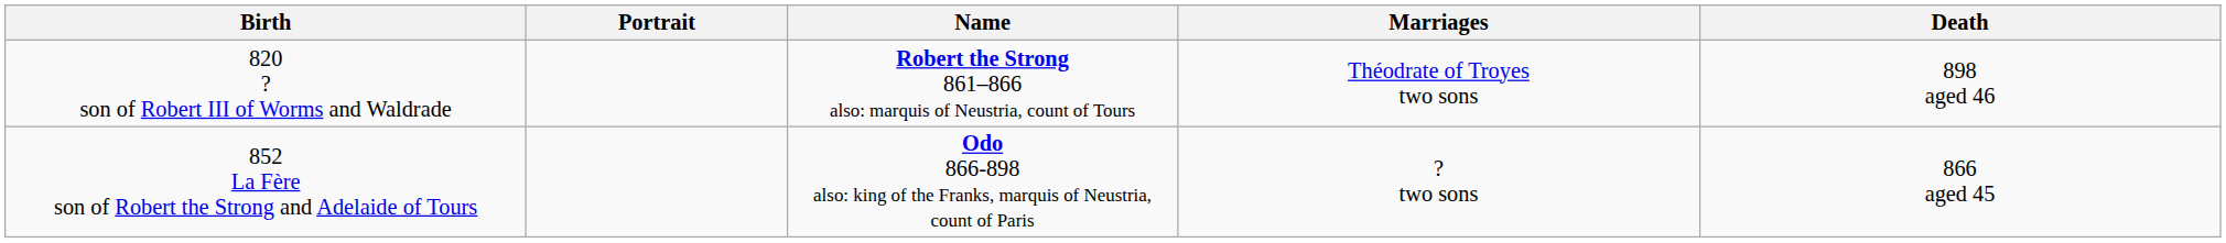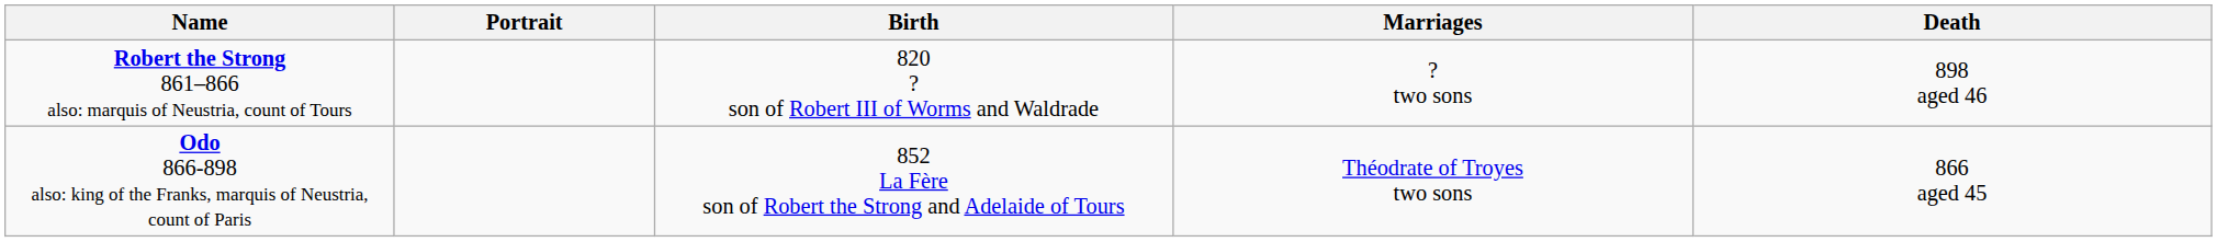 <table style="text-align:center; width:100%" class="wikitable">
 <tr>
+<th style="width:15%;">Name</th>
+<th style="width:10%;">Portrait</th>
 <th style="width:20%;">Birth</th>
-<th style="width:10%;">Portrait</th>
-<th style="width:15%;">Name</th>
 <th style="width:20%;">Marriages</th>
 <th style="width:20%;">Death</th>
 </tr>
 <tr>
+<td width=auto><strong><a href='#'>Robert the Strong</a></strong><br>861–866<br><small>also: marquis of Neustria, count of Tours</small></td>
+<td></td>
 <td>820<br>?<br>son of <a href='#'>Robert III of Worms</a> and Waldrade</td>
-<td></td>
-<td width=auto><strong><a href='#'>Robert the Strong</a></strong><br>861–866<br><small>also: marquis of Neustria, count of Tours</small></td>
-<td><a href='#'>Théodrate of Troyes</a><br>two sons</td>
+<td>?<br>two sons</td>
 <td>898<br>aged 46</td>
 </tr>
 <tr>
+<td width=auto><strong><a href='#'>Odo</a></strong><br>866-898<br><small>also: king of the Franks, marquis of Neustria, count of Paris</small></td>
+<td></td>
 <td>852<br><a href='#'>La Fère</a><br>son of <a href='#'>Robert the Strong</a> and <a href='#'>Adelaide of Tours</a></td>
-<td></td>
-<td width=auto><strong><a href='#'>Odo</a></strong><br>866-898<br><small>also: king of the Franks, marquis of Neustria, count of Paris</small></td>
-<td>?<br>two sons</td>
+<td><a href='#'>Théodrate of Troyes</a><br>two sons</td>
 <td>866<br>aged 45</td>
 </tr>
 </table>
